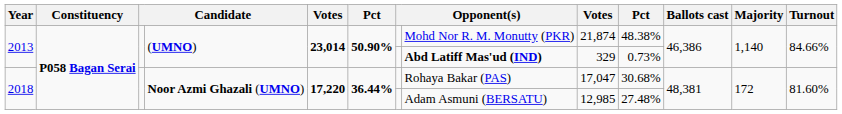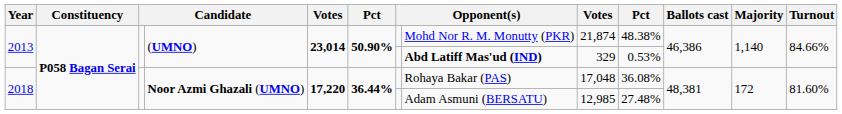 <table class="wikitable" style="margin:0.5em ; font-size:95%">
 <tr>
 <th>Year</th>
 <th>Constituency</th>
 <th colspan=2>Candidate</th>
 <th>Votes</th>
 <th>Pct</th>
 <th colspan=2>Opponent(s)</th>
 <th>Votes</th>
 <th>Pct</th>
 <th>Ballots cast</th>
 <th>Majority</th>
 <th>Turnout</th>
 </tr>
 <tr>
 <td rowspan=2><a href='#'>2013</a></td>
 <td rowspan=6><strong>P058 <a href='#'>Bagan Serai</a></strong></td>
 <td rowspan=2 ></td>
 <td rowspan=2> (<a href='#'><strong>UMNO</strong></a>)</td>
 <td rowspan=2 align="right"><strong>23,014</strong></td>
 <td rowspan=2><strong>50.90%</strong></td>
 <td></td>
 <td><a href='#'>Mohd Nor R. M. Monutty</a> (<a href='#'>PKR</a>)</td>
 <td align="right">21,874</td>
 <td>48.38%</td>
 <td rowspan=2>46,386</td>
 <td rowspan=2>1,140</td>
 <td rowspan=2>84.66%</td>
 </tr>
 <tr>
 <td></td>
 <td><strong>Abd Latiff Mas'ud (<a href='#'>IND</a>)</strong></td>
 <td align="right">329</td>
-<td align="right">0.73%</td>
+<td align="right">0.53%</td>
 </tr>
 <tr>
 <td rowspan=2><a href='#'>2018</a></td>
 <td rowspan=2 ></td>
 <td rowspan=2><strong>Noor Azmi Ghazali</strong> (<a href='#'><strong>UMNO</strong></a>)</td>
 <td rowspan=2 align="right"><strong>17,220</strong></td>
 <td rowspan=2><strong>36.44%</strong></td>
 <td></td>
 <td>Rohaya Bakar (<a href='#'>PAS</a>)</td>
-<td align="right">17,047</td>
-<td>30.68%</td>
+<td align="right">17,048</td>
+<td>36.08%</td>
 <td rowspan=2>48,381</td>
 <td rowspan=2>172</td>
 <td rowspan=2>81.60%</td>
 </tr>
 <tr>
 <td></td>
 <td>Adam Asmuni (<a href='#'>BERSATU</a>)</td>
 <td align="right">12,985</td>
 <td>27.48%</td>
 </tr>
 </table>
